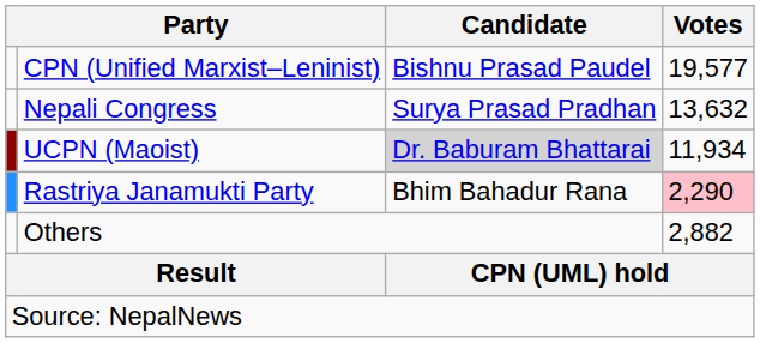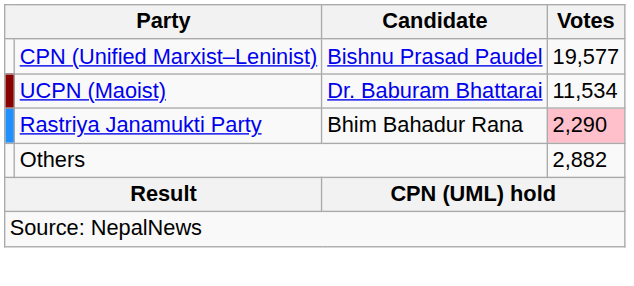 <table class="wikitable">
 <tr>
 <th colspan="2">Party</th>
 <th>Candidate</th>
 <th>Votes</th>
 </tr>
 <tr>
 <td style="background-color:"></td>
 <td><a href='#'>CPN (Unified Marxist–Leninist)</a></td>
 <td><a href='#'>Bishnu Prasad Paudel</a></td>
 <td>19,577</td>
 </tr>
 <tr>
-<td style="background-color:"></td>
-<td><a href='#'>Nepali Congress</a></td>
-<td><a href='#'>Surya Prasad Pradhan</a></td>
-<td>13,632</td>
-</tr>
-<tr>
 <td style="background-color:darkred"></td>
 <td><a href='#'>UCPN (Maoist)</a></td>
-<td style="background: lightgrey;"><a href='#'>Dr. Baburam Bhattarai</a></td>
-<td>11,934</td>
+<td><a href='#'>Dr. Baburam Bhattarai</a></td>
+<td>11,534</td>
 </tr>
 <tr>
 <td style="background-color:dodgerblue"></td>
 <td><a href='#'>Rastriya Janamukti Party</a></td>
 <td>Bhim Bahadur Rana</td>
 <td style="background: pink;">2,290</td>
 </tr>
 <tr>
 <td></td>
 <td colspan="2">Others</td>
 <td>2,882</td>
 </tr>
 <tr>
 <th colspan="2">Result</th>
 <th colspan="2">CPN (UML) hold</th>
 </tr>
 <tr>
 <td colspan="4">Source: NepalNews</td>
 </tr>
 </table>
